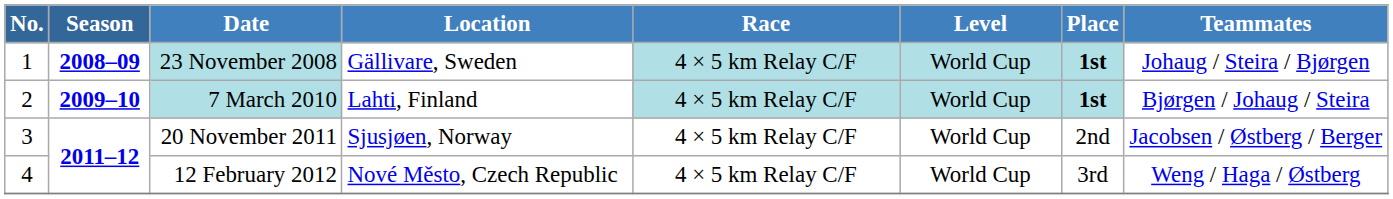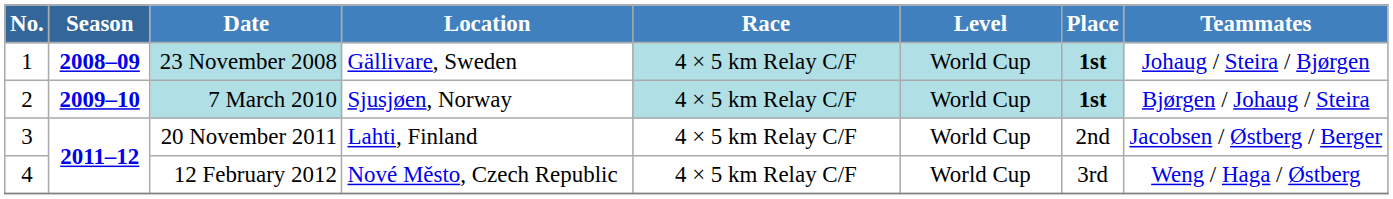 <table class="wikitable sortable" style="font-size:95%; text-align:center; border:grey solid 1px; border-collapse:collapse; background:#ffffff;">
 <tr style="background:#efefef;">
 <th style="background-color:#369; color:white;">No.</th>
 <th style="background-color:#369; color:white;">Season</th>
 <th style="background-color:#4180be; color:white; width:120px;">Date</th>
 <th style="background-color:#4180be; color:white; width:185px;">Location</th>
 <th style="background-color:#4180be; color:white; width:170px;">Race</th>
 <th style="background-color:#4180be; color:white; width:100px;">Level</th>
 <th style="background-color:#4180be; color:white;">Place</th>
 <th style="background-color:#4180be; color:white;">Teammates</th>
 </tr>
 <tr>
 <td align=center>1</td>
 <td rowspan=1 align=center><strong><a href='#'>2008–09</a></strong></td>
 <td bgcolor="#BOEOE6" align=right>23 November 2008</td>
 <td align=left> <a href='#'>Gällivare</a>, Sweden</td>
 <td bgcolor="#BOEOE6">4 × 5 km Relay C/F</td>
 <td bgcolor="#BOEOE6">World Cup</td>
 <td bgcolor="#BOEOE6"><strong>1st</strong></td>
 <td><a href='#'>Johaug</a> / <a href='#'>Steira</a> / <a href='#'>Bjørgen</a></td>
 </tr>
 <tr>
 <td align=center>2</td>
 <td rowspan=1 align=center><strong><a href='#'>2009–10</a></strong></td>
 <td bgcolor="#BOEOE6" align=right>7 March 2010</td>
-<td align=left> <a href='#'>Lahti</a>, Finland</td>
+<td align=left> <a href='#'>Sjusjøen</a>, Norway</td>
 <td bgcolor="#BOEOE6">4 × 5 km Relay C/F</td>
 <td bgcolor="#BOEOE6">World Cup</td>
 <td bgcolor="#BOEOE6"><strong>1st</strong></td>
 <td><a href='#'>Bjørgen</a> / <a href='#'>Johaug</a> / <a href='#'>Steira</a></td>
 </tr>
 <tr>
 <td align=center>3</td>
 <td rowspan=2 align=center><strong> <a href='#'>2011–12</a> </strong></td>
 <td align=right>20 November 2011</td>
-<td align=left> <a href='#'>Sjusjøen</a>, Norway</td>
+<td align=left> <a href='#'>Lahti</a>, Finland</td>
 <td>4 × 5 km Relay C/F</td>
 <td>World Cup</td>
 <td>2nd</td>
 <td><a href='#'>Jacobsen</a> / <a href='#'>Østberg</a> / <a href='#'>Berger</a></td>
 </tr>
 <tr>
 <td align=center>4</td>
 <td align=right>12 February 2012</td>
 <td align=left> <a href='#'>Nové Město</a>, Czech Republic</td>
 <td>4 × 5 km Relay C/F</td>
 <td>World Cup</td>
 <td>3rd</td>
 <td><a href='#'>Weng</a> / <a href='#'>Haga</a> / <a href='#'>Østberg</a></td>
 </tr>
 <tr>
 </tr>
 </table>
